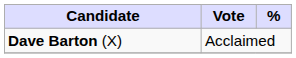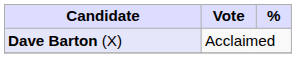 <table class="wikitable">
 <tr>
 <th style="background:#ddf; width:200px;">Candidate</th>
 <th style="background:#ddf; width:50px;">Vote</th>
 <th style="background:#ddf; width:30px;">%</th>
 </tr>
 <tr>
-<td><strong>Dave Barton</strong> (X)</td>
+<td style="background: lavender;"><strong>Dave Barton</strong> (X)</td>
 <td colspan="2">Acclaimed</td>
 </tr>
 <tr>
 </tr>
 </table>
